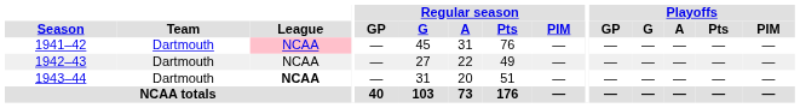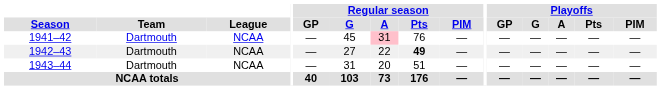 <table border="0" cellpadding="1" cellspacing="0" style="text-align:center; width:60em">
 <tr bgcolor="#e0e0e0">
 <th colspan="3" bgcolor="#ffffff"></th>
 <th rowspan="99" bgcolor="#ffffff"></th>
 <th colspan="5"><a href='#'>Regular season</a></th>
 <th rowspan="99" bgcolor="#ffffff"></th>
 <th colspan="5"><a href='#'>Playoffs</a></th>
 </tr>
 <tr bgcolor="#e0e0e0">
 <th><a href='#'>Season</a></th>
 <th>Team</th>
 <th>League</th>
 <th>GP</th>
 <th><a href='#'>G</a></th>
 <th><a href='#'>A</a></th>
 <th><a href='#'>Pts</a></th>
 <th><a href='#'>PIM</a></th>
 <th>GP</th>
 <th>G</th>
 <th>A</th>
 <th>Pts</th>
 <th>PIM</th>
 </tr>
 <tr>
 <td><a href='#'>1941–42</a></td>
 <td><a href='#'>Dartmouth</a></td>
-<td style="background: pink;"><a href='#'>NCAA</a></td>
+<td><a href='#'>NCAA</a></td>
 <td>—</td>
 <td>45</td>
-<td>31</td>
+<td style="background: pink;">31</td>
 <td>76</td>
 <td>—</td>
 <td>—</td>
 <td>—</td>
 <td>—</td>
 <td>—</td>
 <td>—</td>
 </tr>
 <tr bgcolor="#f0f0f0">
 <td><a href='#'>1942–43</a></td>
 <td>Dartmouth</td>
 <td>NCAA</td>
 <td>—</td>
 <td>27</td>
 <td>22</td>
-<td>49</td>
+<td><strong>49</strong></td>
 <td>—</td>
 <td>—</td>
 <td>—</td>
 <td>—</td>
 <td>—</td>
 <td>—</td>
 </tr>
 <tr>
 <td><a href='#'>1943–44</a></td>
 <td>Dartmouth</td>
-<td><strong>NCAA</strong></td>
+<td>NCAA</td>
 <td>—</td>
 <td>31</td>
 <td>20</td>
 <td>51</td>
 <td>—</td>
 <td>—</td>
 <td>—</td>
 <td>—</td>
 <td>—</td>
 <td>—</td>
 </tr>
 <tr bgcolor="#e0e0e0">
 <th colspan="3">NCAA totals</th>
 <th>40</th>
 <th>103</th>
 <th>73</th>
 <th>176</th>
 <th>—</th>
 <th>—</th>
 <th>—</th>
 <th>—</th>
 <th>—</th>
 <th>—</th>
 </tr>
 </table>
